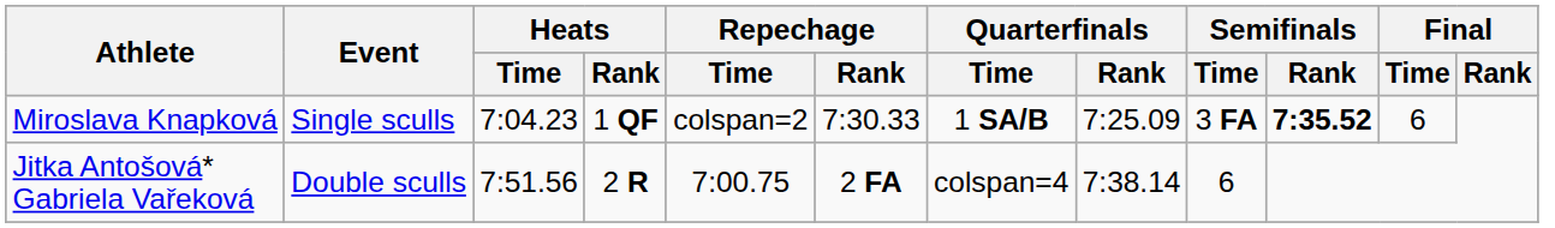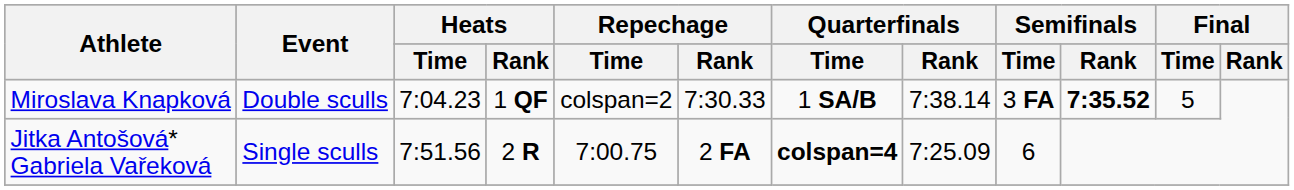 <table class="wikitable" style="font-size:90%">
 <tr>
 <th rowspan="2">Athlete</th>
 <th rowspan="2">Event</th>
 <th colspan="2">Heats</th>
 <th colspan="2">Repechage</th>
 <th colspan="2">Quarterfinals</th>
 <th colspan="2">Semifinals</th>
 <th colspan="2">Final</th>
 </tr>
 <tr style="font-size:95%">
 <th>Time</th>
 <th>Rank</th>
 <th>Time</th>
 <th>Rank</th>
 <th>Time</th>
 <th>Rank</th>
 <th>Time</th>
 <th>Rank</th>
 <th>Time</th>
 <th>Rank</th>
 </tr>
 <tr align=center>
 <td align=left><a href='#'>Miroslava Knapková</a></td>
-<td align=left><a href='#'>Single sculls</a></td>
+<td align=left><a href='#'>Double sculls</a></td>
 <td>7:04.23</td>
 <td>1 <strong>QF</strong></td>
 <td>colspan=2 </td>
 <td>7:30.33</td>
 <td>1 <strong>SA/B</strong></td>
-<td>7:25.09</td>
+<td>7:38.14</td>
 <td>3 <strong>FA</strong></td>
 <td><strong>7:35.52</strong></td>
-<td>6</td>
+<td>5</td>
 </tr>
 <tr align=center>
 <td align=left><a href='#'>Jitka Antošová</a>*<br><a href='#'>Gabriela Vařeková</a></td>
-<td align=left><a href='#'>Double sculls</a></td>
+<td align=left><a href='#'>Single sculls</a></td>
 <td>7:51.56</td>
 <td>2 <strong>R</strong></td>
 <td>7:00.75</td>
 <td>2 <strong>FA</strong></td>
-<td>colspan=4 </td>
-<td>7:38.14</td>
+<td><strong>colspan=4 </strong></td>
+<td>7:25.09</td>
 <td>6</td>
 </tr>
 </table>
